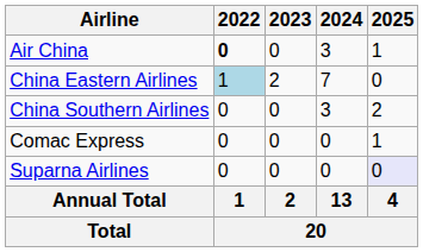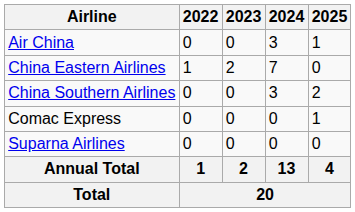 <table class="wikitable">
 <tr>
 <th>Airline</th>
 <th>2022</th>
 <th>2023</th>
 <th>2024</th>
 <th>2025</th>
 </tr>
 <tr>
 <td><a href='#'>Air China</a></td>
-<td><strong>0</strong></td>
+<td>0</td>
 <td>0</td>
 <td>3</td>
 <td>1</td>
 </tr>
 <tr>
 <td><a href='#'>China Eastern Airlines</a></td>
-<td style="background: lightblue;">1</td>
+<td>1</td>
 <td>2</td>
 <td>7</td>
 <td>0</td>
 </tr>
 <tr>
 <td><a href='#'>China Southern Airlines</a></td>
 <td>0</td>
 <td>0</td>
 <td>3</td>
 <td>2</td>
 </tr>
 <tr>
 <td>Comac Express</td>
 <td>0</td>
 <td>0</td>
 <td>0</td>
 <td>1</td>
 </tr>
 <tr>
 <td><a href='#'>Suparna Airlines</a></td>
 <td>0</td>
 <td>0</td>
 <td>0</td>
-<td style="background: lavender;">0</td>
+<td>0</td>
 </tr>
 <tr>
 <th>Annual Total</th>
 <th>1</th>
 <th>2</th>
 <th>13</th>
 <th>4</th>
 </tr>
 <tr>
 <th>Total</th>
 <th colspan="4">20</th>
 </tr>
 </table>
